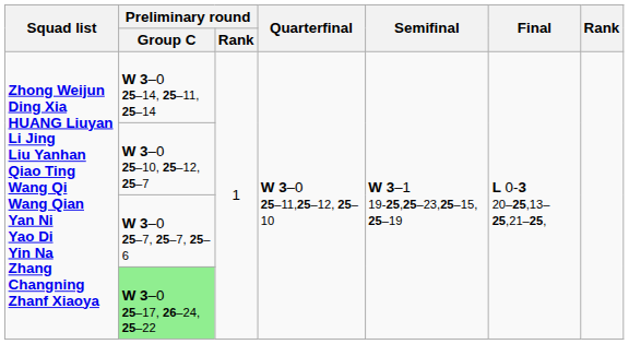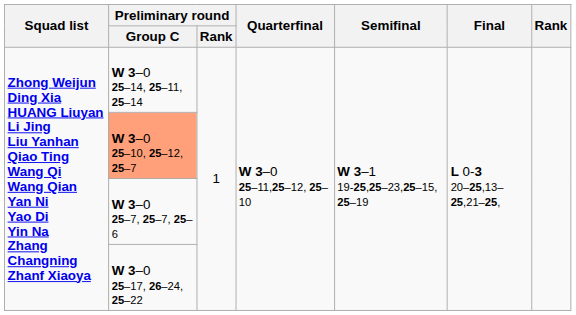 <table class="wikitable" style="font-size:90%">
 <tr>
 <th rowspan="2">Squad list</th>
 <th colspan="2">Preliminary round</th>
 <th rowspan="2">Quarterfinal</th>
 <th rowspan="2">Semifinal</th>
 <th rowspan="2">Final</th>
 <th rowspan="2">Rank</th>
 </tr>
 <tr>
 <th>Group C</th>
 <th>Rank</th>
 </tr>
 <tr>
 <td rowspan=4><strong><a href='#'>Zhong Weijun</a><br><a href='#'>Ding Xia</a><br><a href='#'>HUANG Liuyan</a><br><a href='#'>Li Jing</a><br><a href='#'>Liu Yanhan</a><br><a href='#'>Qiao Ting</a><br><a href='#'>Wang Qi</a><br><a href='#'>Wang Qian</a><br><a href='#'>Yan Ni</a><br><a href='#'>Yao Di</a><br><a href='#'>Yin Na</a><br><a href='#'>Zhang Changning</a><br><a href='#'>Zhanf Xiaoya</a></strong></td>
 <td><br><strong>W</strong> <strong>3</strong>–0<br><small><strong>25</strong>–14, <strong>25</strong>–11, <strong>25</strong>–14</small></td>
 <td rowspan="4" style="text-align:center;">1 <strong></strong></td>
 <td rowspan=4><br><strong>W</strong> <strong>3</strong>–0<br><small><strong>25</strong>–11,<strong>25</strong>–12, <strong>25</strong>–10</small></td>
 <td rowspan=4><br><strong>W</strong> <strong>3</strong>–1<br><small>19-<strong>25</strong>,<strong>25</strong>–23,<strong>25</strong>–15, <strong>25</strong>–19</small></td>
 <td rowspan=4><br><strong>L</strong> 0-<strong>3</strong><br><small>20–<strong>25</strong>,13–<strong>25</strong>,21–<strong>25</strong>,</small></td>
 <td rowspan="4" style="text-align:center;"></td>
 </tr>
 <tr>
-<td><br><strong>W</strong> <strong>3</strong>–0<br><small><strong>25</strong>–10, <strong>25</strong>–12, <strong>25</strong>–7</small></td>
+<td style="background: lightsalmon;"><br><strong>W</strong> <strong>3</strong>–0<br><small><strong>25</strong>–10, <strong>25</strong>–12, <strong>25</strong>–7</small></td>
 </tr>
 <tr>
 <td><br><strong>W</strong> <strong>3</strong>–0<br><small><strong>25</strong>–7, <strong>25</strong>–7, <strong>25</strong>–6</small></td>
 </tr>
 <tr>
-<td style="background: lightgreen;"><br><strong>W</strong> <strong>3</strong>–0<br><small><strong>25</strong>–17, <strong>26</strong>–24, <strong>25</strong>–22</small></td>
+<td><br><strong>W</strong> <strong>3</strong>–0<br><small><strong>25</strong>–17, <strong>26</strong>–24, <strong>25</strong>–22</small></td>
 </tr>
 </table>
